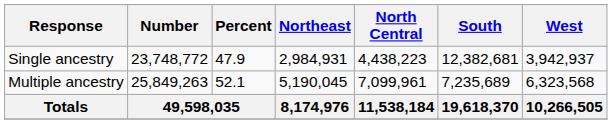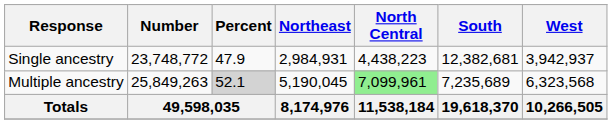 <table class="wikitable" style="font-size: 90%">
 <tr>
 <th colspan="2">Response</th>
 <th>Number</th>
 <th>Percent</th>
 <th><a href='#'>Northeast</a></th>
 <th><a href='#'>North<br> Central</a></th>
 <th><a href='#'>South</a></th>
 <th><a href='#'>West</a></th>
 </tr>
 <tr>
 <td colspan="2" style="text-align:left;">Single ancestry</td>
 <td>23,748,772</td>
 <td>47.9</td>
 <td>2,984,931</td>
 <td>4,438,223</td>
 <td>12,382,681</td>
 <td>3,942,937</td>
 </tr>
 <tr>
 <td colspan="2" style="text-align:left;">Multiple ancestry</td>
 <td>25,849,263</td>
-<td>52.1</td>
+<td style="background: lightgrey;">52.1</td>
 <td>5,190,045</td>
-<td>7,099,961</td>
+<td style="background: lightgreen;">7,099,961</td>
 <td>7,235,689</td>
 <td>6,323,568</td>
 </tr>
 <tr>
 <th colspan="2">Totals</th>
 <th colspan=2 style="text-align:center;">49,598,035</th>
 <th>8,174,976</th>
 <th>11,538,184</th>
 <th>19,618,370</th>
 <th>10,266,505</th>
 </tr>
 <tr>
 </tr>
 </table>
